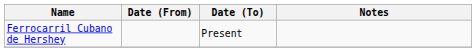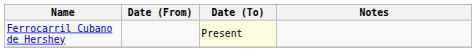 <table class="wikitable sortable" width=100%>
 <tr>
 <th width=15%>Name</th>
 <th width=10%>Date (From)</th>
 <th width=10%>Date (To)</th>
 <th class="unsortable" width=25%>Notes</th>
 </tr>
 <tr>
 <td><a href='#'>Ferrocarril Cubano de Hershey</a></td>
 <td></td>
-<td>Present</td>
+<td style="background: lightyellow;">Present</td>
 <td></td>
 </tr>
 <tr>
 </tr>
 </table>
